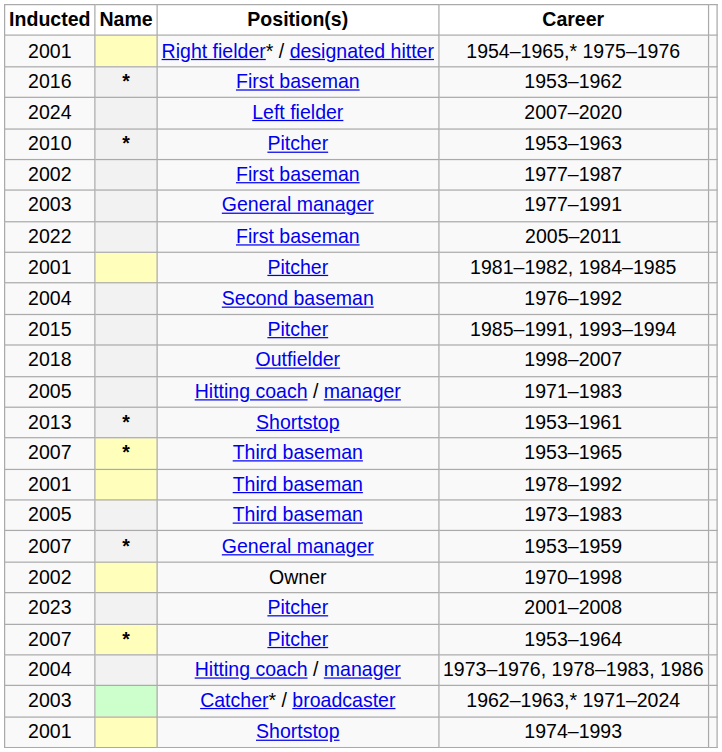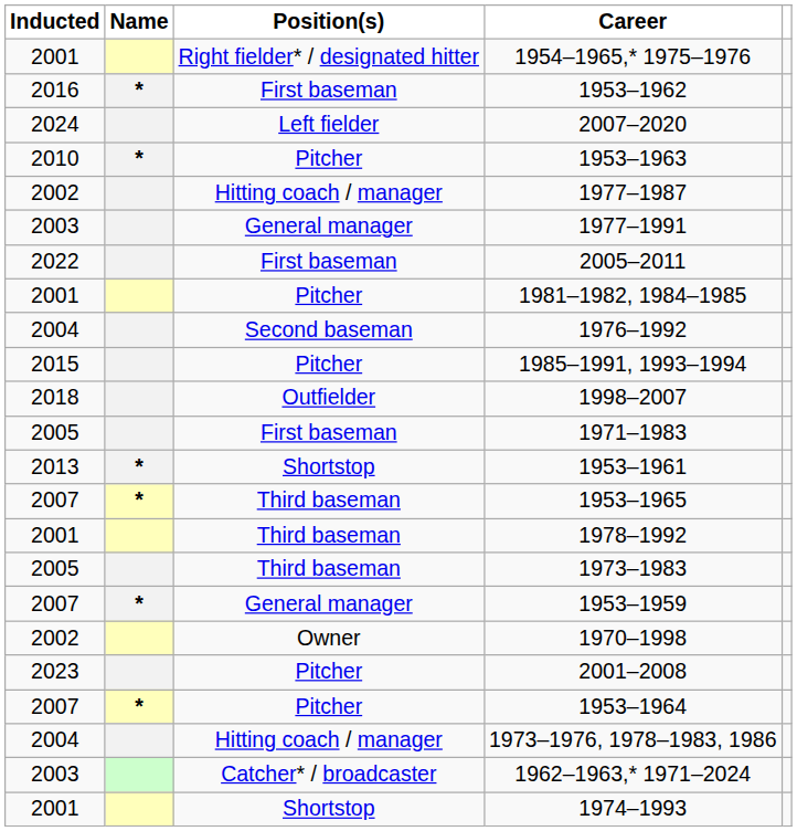 <table class="wikitable sortable plainrowheaders" style="text-align:center">
 <tr>
 <th scope="col" style="background-color:#ffffff; border-top:#">Inducted</th>
 <th scope="col" style="background-color:#ffffff; border-top:#">Name</th>
 <th scope="col" style="background-color:#ffffff; border-top:#">Position(s)</th>
 <th scope="col" style="background-color:#ffffff; border-top:#">Career</th>
 <th scope="col" class="unsortable" style="background-color:#ffffff; border-top:#"></th>
 </tr>
 <tr>
 <td>2001</td>
 <th scope="row" style="text-align:center; background:#FFFFBB"></th>
 <td><a href='#'>Right fielder</a>* / <a href='#'>designated hitter</a></td>
 <td>1954–1965,* 1975–1976</td>
 <td></td>
 </tr>
 <tr>
 <td>2016</td>
 <th scope="row" style="text-align:center">*</th>
 <td><a href='#'>First baseman</a></td>
 <td>1953–1962</td>
 <td></td>
 </tr>
 <tr>
 <td>2024</td>
 <th scope="row" style="text-align:center"></th>
 <td><a href='#'>Left fielder</a></td>
 <td>2007–2020</td>
 <td></td>
 </tr>
 <tr>
 <td>2010</td>
 <th scope="row" style="text-align:center">*</th>
 <td><a href='#'>Pitcher</a></td>
 <td>1953–1963</td>
 <td></td>
 </tr>
 <tr>
 <td>2002</td>
 <th scope="row" style="text-align:center"></th>
-<td><a href='#'>First baseman</a></td>
+<td><a href='#'>Hitting coach</a> / <a href='#'>manager</a></td>
 <td>1977–1987</td>
 <td></td>
 </tr>
 <tr>
 <td>2003</td>
 <th scope="row" style="text-align:center"></th>
 <td><a href='#'>General manager</a></td>
 <td>1977–1991</td>
 <td></td>
 </tr>
 <tr>
 <td>2022</td>
 <th scope="row" style="text-align:center"></th>
 <td><a href='#'>First baseman</a></td>
 <td>2005–2011</td>
 <td></td>
 </tr>
 <tr>
 <td>2001</td>
 <th scope="row" style="text-align:center; background:#FFFFBB"></th>
 <td><a href='#'>Pitcher</a></td>
 <td>1981–1982, 1984–1985</td>
 <td></td>
 </tr>
 <tr>
 <td>2004</td>
 <th scope="row" style="text-align:center"></th>
 <td><a href='#'>Second baseman</a></td>
 <td>1976–1992</td>
 <td></td>
 </tr>
 <tr>
 <td>2015</td>
 <th scope="row" style="text-align:center"></th>
 <td><a href='#'>Pitcher</a></td>
 <td>1985–1991, 1993–1994</td>
 <td></td>
 </tr>
 <tr>
 <td>2018</td>
 <th scope="row" style="text-align:center"></th>
 <td><a href='#'>Outfielder</a></td>
 <td>1998–2007</td>
 <td></td>
 </tr>
 <tr>
 <td>2005</td>
 <th scope="row" style="text-align:center"></th>
-<td><a href='#'>Hitting coach</a> / <a href='#'>manager</a></td>
+<td><a href='#'>First baseman</a></td>
 <td>1971–1983</td>
 <td></td>
 </tr>
 <tr>
 <td>2013</td>
 <th scope="row" style="text-align:center">*</th>
 <td><a href='#'>Shortstop</a></td>
 <td>1953–1961</td>
 <td></td>
 </tr>
 <tr>
 <td>2007</td>
 <th scope="row" style="text-align:center; background:#FFFFBB">*</th>
 <td><a href='#'>Third baseman</a></td>
 <td>1953–1965</td>
 <td></td>
 </tr>
 <tr>
 <td>2001</td>
 <th scope="row" style="text-align:center; background:#FFFFBB"></th>
 <td><a href='#'>Third baseman</a></td>
 <td>1978–1992</td>
 <td></td>
 </tr>
 <tr>
 <td>2005</td>
 <th scope="row" style="text-align:center"></th>
 <td><a href='#'>Third baseman</a></td>
 <td>1973–1983</td>
 <td></td>
 </tr>
 <tr>
 <td>2007</td>
 <th scope="row" style="text-align:center">*</th>
 <td><a href='#'>General manager</a></td>
 <td>1953–1959</td>
 <td></td>
 </tr>
 <tr>
 <td>2002</td>
 <th scope="row" style="text-align:center; background:#FFFFBB"></th>
 <td>Owner</td>
 <td>1970–1998</td>
 <td></td>
 </tr>
 <tr>
 <td>2023</td>
 <th scope="row" style="text-align:center"></th>
 <td><a href='#'>Pitcher</a></td>
 <td>2001–2008</td>
 <td></td>
 </tr>
 <tr>
 <td>2007</td>
 <th scope="row" style="text-align:center; background:#FFFFBB">*</th>
 <td><a href='#'>Pitcher</a></td>
 <td>1953–1964</td>
 <td></td>
 </tr>
 <tr>
 <td>2004</td>
 <th scope="row" style="text-align:center"></th>
 <td><a href='#'>Hitting coach</a> / <a href='#'>manager</a></td>
 <td>1973–1976, 1978–1983, 1986</td>
 <td></td>
 </tr>
 <tr>
 <td>2003</td>
 <th scope="row" style="text-align:center; background:#cfc"></th>
 <td><a href='#'>Catcher</a>* / <a href='#'>broadcaster</a></td>
 <td>1962–1963,* 1971–2024</td>
 <td></td>
 </tr>
 <tr>
 <td>2001</td>
 <th scope="row" style="text-align:center; background:#FFFFBB"></th>
 <td><a href='#'>Shortstop</a></td>
 <td>1974–1993</td>
 <td></td>
 </tr>
 </table>
